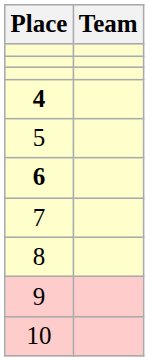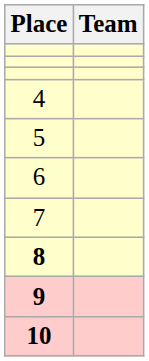 <table class="wikitable">
 <tr>
 <th>Place</th>
 <th>Team</th>
 </tr>
 <tr bgcolor=#ffffcc>
 <td align=center></td>
 <td></td>
 </tr>
 <tr bgcolor=#ffffcc>
 <td align=center></td>
 <td></td>
 </tr>
 <tr bgcolor=#ffffcc>
 <td align=center></td>
 <td></td>
 </tr>
 <tr bgcolor=#ffffcc>
-<td align=center><strong>4</strong></td>
+<td align=center>4</td>
 <td></td>
 </tr>
 <tr bgcolor=#ffffcc>
 <td align=center>5</td>
 <td></td>
 </tr>
 <tr bgcolor=#ffffcc>
-<td align=center><strong>6</strong></td>
+<td align=center>6</td>
 <td></td>
 </tr>
 <tr bgcolor=#ffffcc>
 <td align=center>7</td>
 <td></td>
 </tr>
 <tr bgcolor=#ffffcc>
-<td align=center>8</td>
+<td align=center><strong>8</strong></td>
 <td></td>
 </tr>
 <tr bgcolor=#ffcccc>
-<td align=center>9</td>
+<td align=center><strong>9</strong></td>
 <td></td>
 </tr>
 <tr bgcolor=#ffcccc>
-<td align=center>10</td>
+<td align=center><strong>10</strong></td>
 <td></td>
 </tr>
 </table>
